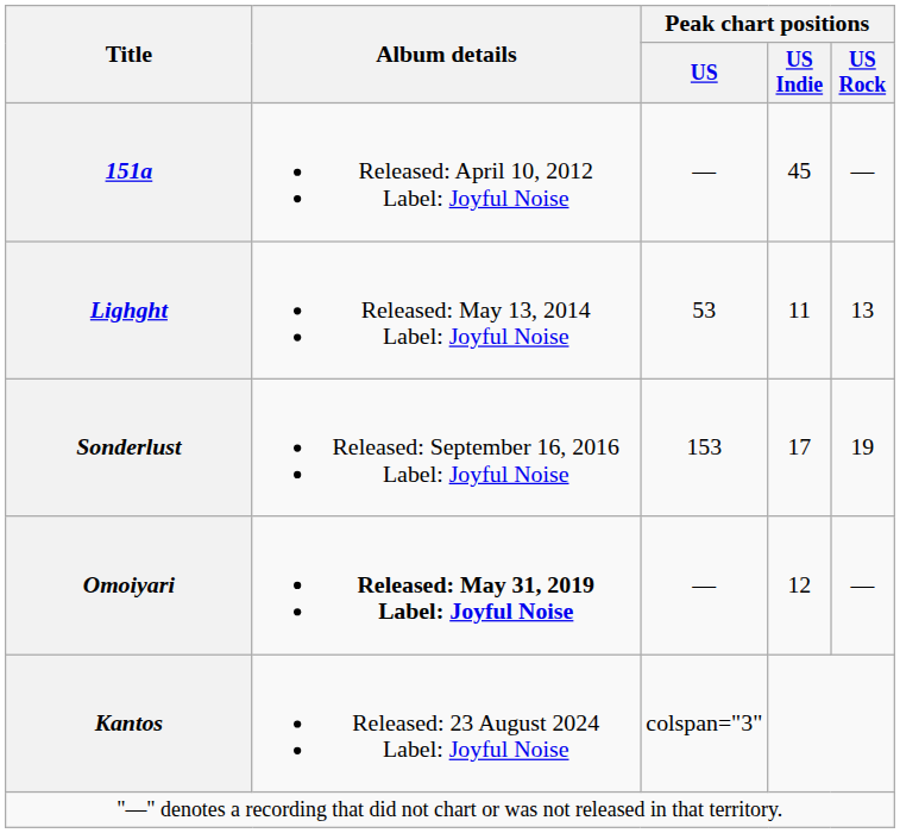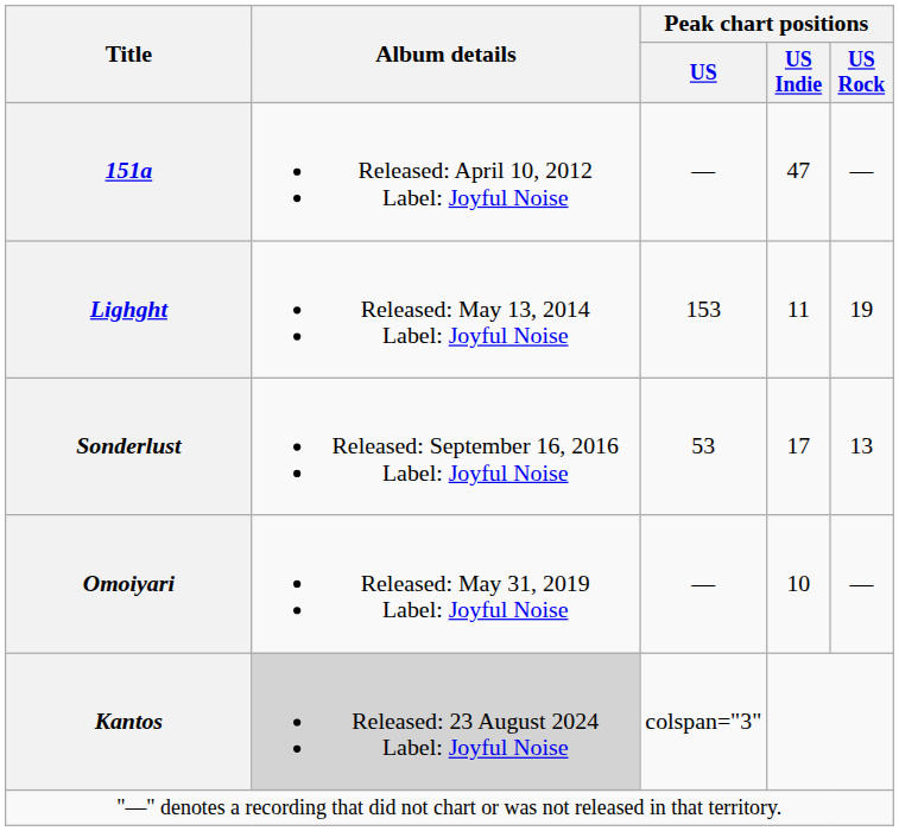 <table class="wikitable plainrowheaders" style="text-align:center;">
 <tr>
 <th scope="col" rowspan="2" style="width:10em;">Title</th>
 <th scope="col" rowspan="2" style="width:16em;">Album details</th>
 <th scope="col" colspan="3">Peak chart positions</th>
 </tr>
 <tr>
 <th scope="col" style="width:2.5em;font-size:90%;"><a href='#'>US</a><br></th>
 <th scope="col" style="width:2.5em;font-size:90%;"><a href='#'>US<br> Indie</a><br></th>
 <th scope="col" style="width:2.5em;font-size:90%;"><a href='#'>US<br>Rock</a><br></th>
 </tr>
 <tr>
 <th scope="row"><em><a href='#'>151a</a></em></th>
 <td><br><ul><li>Released: April 10, 2012</li><li>Label: <a href='#'>Joyful Noise</a></li></ul></td>
 <td>—</td>
-<td>45</td>
+<td>47</td>
 <td>—</td>
 </tr>
 <tr>
 <th scope="row"><em><a href='#'>Lighght</a></em></th>
 <td><br><ul><li>Released: May 13, 2014</li><li>Label: <a href='#'>Joyful Noise</a></li></ul></td>
-<td>53</td>
+<td>153</td>
 <td>11</td>
-<td>13</td>
+<td>19</td>
 </tr>
 <tr>
 <th scope="row"><em>Sonderlust</em></th>
 <td><br><ul><li>Released: September 16, 2016</li><li>Label: <a href='#'>Joyful Noise</a></li></ul></td>
-<td>153</td>
+<td>53</td>
 <td>17</td>
-<td>19</td>
+<td>13</td>
 </tr>
 <tr>
 <th scope="row"><em>Omoiyari</em></th>
-<td><strong><br><ul><li>Released: May 31, 2019</li><li>Label: <a href='#'>Joyful Noise</a></li></ul></strong></td>
+<td><br><ul><li>Released: May 31, 2019</li><li>Label: <a href='#'>Joyful Noise</a></li></ul></td>
 <td>—</td>
-<td>12</td>
+<td>10</td>
 <td>—</td>
 </tr>
 <tr>
 <th scope="row"><em>Kantos</em></th>
-<td><br><ul><li>Released: 23 August 2024</li><li>Label: <a href='#'>Joyful Noise</a></li></ul></td>
+<td style="background: lightgrey;"><br><ul><li>Released: 23 August 2024</li><li>Label: <a href='#'>Joyful Noise</a></li></ul></td>
 <td>colspan="3" </td>
 </tr>
 <tr>
 <td colspan="11" style="font-size:90%">"—" denotes a recording that did not chart or was not released in that territory.</td>
 </tr>
 </table>
